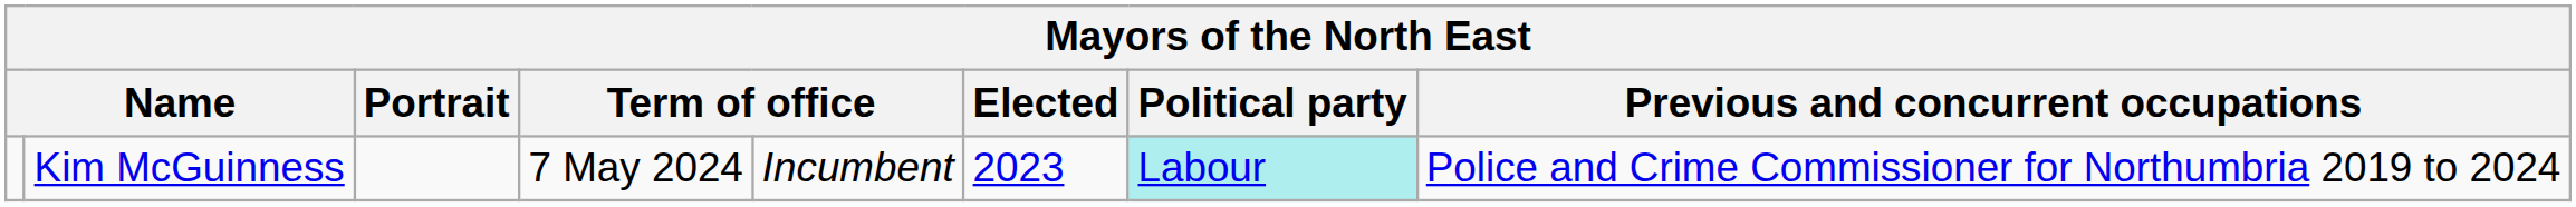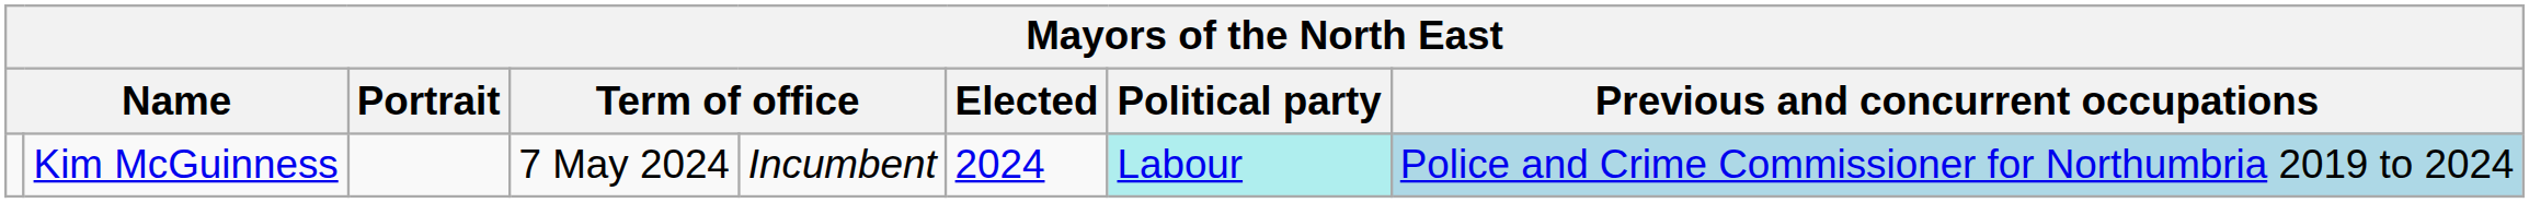 <table class="wikitable">
 <tr>
 <th colspan="8">Mayors of the North East</th>
 </tr>
 <tr>
 <th colspan="2">Name</th>
 <th>Portrait</th>
 <th colspan="2">Term of office</th>
 <th>Elected</th>
 <th>Political party</th>
 <th>Previous and concurrent occupations</th>
 </tr>
 <tr>
 <td style="background-color: "></td>
 <td><a href='#'>Kim McGuinness</a></td>
 <td></td>
 <td>7 May 2024</td>
 <td><em>Incumbent</em></td>
-<td><a href='#'>2023</a></td>
+<td><a href='#'>2024</a></td>
 <td style="background: paleturquoise;"><a href='#'>Labour</a></td>
-<td><a href='#'>Police and Crime Commissioner for Northumbria</a> 2019 to 2024</td>
+<td style="background: lightblue;"><a href='#'>Police and Crime Commissioner for Northumbria</a> 2019 to 2024</td>
 </tr>
 </table>
